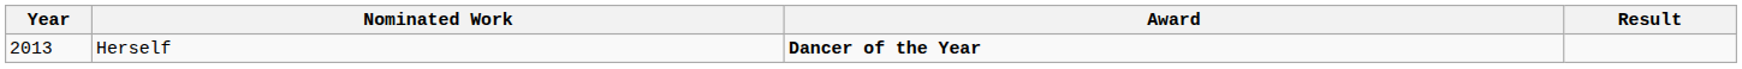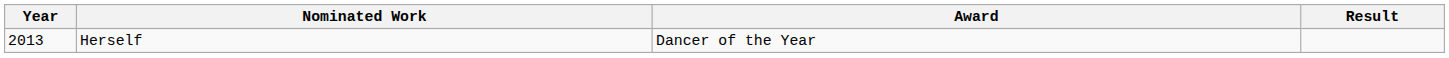 <table class="wikitable" width=100%>
 <tr>
 <th width=5%>Year</th>
 <th width=40%>Nominated Work</th>
 <th width=45%>Award</th>
 <th width=10%>Result</th>
 </tr>
 <tr>
 <td rowspan="2">2013</td>
 <td rowspan="2">Herself</td>
-<td><strong>Dancer of the Year</strong></td>
+<td>Dancer of the Year</td>
 <td></td>
 </tr>
 </table>
